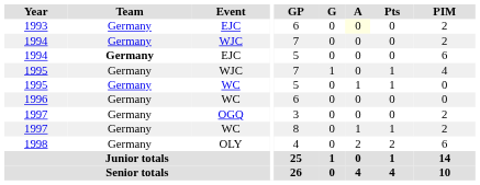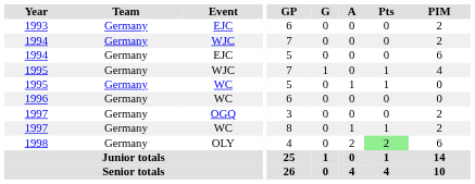 <table border="0" cellpadding="1" cellspacing="0" ID="Table3" style="text-align:center; width:40em">
 <tr ALIGN="center" bgcolor="#e0e0e0">
 <th>Year</th>
 <th>Team</th>
 <th>Event</th>
 <th rowspan="99" bgcolor="#ffffff"></th>
 <th>GP</th>
 <th>G</th>
 <th>A</th>
 <th>Pts</th>
 <th>PIM</th>
 </tr>
 <tr>
 <td><a href='#'>1993</a></td>
 <td><a href='#'>Germany</a></td>
 <td><a href='#'>EJC</a></td>
 <td>6</td>
 <td>0</td>
-<td style="background: lightyellow;">0</td>
+<td>0</td>
 <td>0</td>
 <td>2</td>
 </tr>
 <tr bgcolor="#f0f0f0">
 <td><a href='#'>1994</a></td>
 <td><a href='#'>Germany</a></td>
 <td><a href='#'>WJC</a></td>
 <td>7</td>
 <td>0</td>
 <td>0</td>
 <td>0</td>
 <td>2</td>
 </tr>
 <tr>
 <td><a href='#'>1994</a></td>
-<td><strong>Germany</strong></td>
+<td>Germany</td>
 <td>EJC</td>
 <td>5</td>
 <td>0</td>
 <td>0</td>
 <td>0</td>
 <td>6</td>
 </tr>
 <tr bgcolor="#f0f0f0">
 <td><a href='#'>1995</a></td>
 <td>Germany</td>
 <td>WJC</td>
 <td>7</td>
 <td>1</td>
 <td>0</td>
 <td>1</td>
 <td>4</td>
 </tr>
 <tr>
 <td><a href='#'>1995</a></td>
 <td><a href='#'>Germany</a></td>
 <td><a href='#'>WC</a></td>
 <td>5</td>
 <td>0</td>
 <td>1</td>
 <td>1</td>
 <td>0</td>
 </tr>
 <tr bgcolor="#f0f0f0">
 <td><a href='#'>1996</a></td>
 <td>Germany</td>
 <td>WC</td>
 <td>6</td>
 <td>0</td>
 <td>0</td>
 <td>0</td>
 <td>0</td>
 </tr>
 <tr>
 <td><a href='#'>1997</a></td>
 <td>Germany</td>
 <td><a href='#'>OGQ</a></td>
 <td>3</td>
 <td>0</td>
 <td>0</td>
 <td>0</td>
 <td>2</td>
 </tr>
 <tr bgcolor="#f0f0f0">
 <td><a href='#'>1997</a></td>
 <td>Germany</td>
 <td>WC</td>
 <td>8</td>
 <td>0</td>
 <td>1</td>
 <td>1</td>
 <td>2</td>
 </tr>
 <tr>
 <td><a href='#'>1998</a></td>
 <td>Germany</td>
 <td>OLY</td>
 <td>4</td>
 <td>0</td>
 <td>2</td>
-<td>2</td>
+<td style="background: lightgreen;">2</td>
 <td>6</td>
 </tr>
 <tr bgcolor="#e0e0e0">
 <th colspan="3">Junior totals</th>
 <th>25</th>
 <th>1</th>
 <th>0</th>
 <th>1</th>
 <th>14</th>
 </tr>
 <tr bgcolor="#e0e0e0">
 <th colspan="3">Senior totals</th>
 <th>26</th>
 <th>0</th>
 <th>4</th>
 <th>4</th>
 <th>10</th>
 </tr>
 </table>
